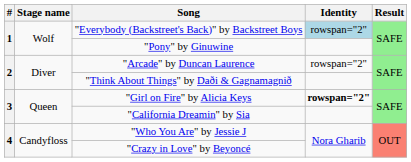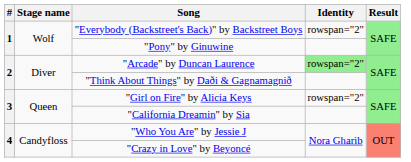 <table class="wikitable plainrowheaders" style="text-align: center;">
 <tr>
 <th>#</th>
 <th>Stage name</th>
 <th>Song</th>
 <th>Identity</th>
 <th>Result</th>
 </tr>
 <tr>
 <th rowspan="2">1</th>
 <td rowspan="2">Wolf</td>
 <td>"<a href='#'>Everybody (Backstreet's Back)</a>" by <a href='#'>Backstreet Boys</a></td>
-<td style="background: lightblue;">rowspan="2" </td>
+<td>rowspan="2" </td>
 <td rowspan="2" bgcolor="lightgreen">SAFE</td>
 </tr>
 <tr>
 <td>"<a href='#'>Pony</a>" by <a href='#'>Ginuwine</a></td>
 </tr>
 <tr>
 <th rowspan="2">2</th>
 <td rowspan="2">Diver</td>
 <td>"<a href='#'>Arcade</a>" by <a href='#'>Duncan Laurence</a></td>
-<td>rowspan="2" </td>
+<td style="background: lightgreen;">rowspan="2" </td>
 <td rowspan="2" bgcolor="lightgreen">SAFE</td>
 </tr>
 <tr>
 <td>"<a href='#'>Think About Things</a>" by <a href='#'>Daði & Gagnamagnið</a></td>
 </tr>
 <tr>
 <th rowspan="2">3</th>
 <td rowspan="2">Queen</td>
 <td>"<a href='#'>Girl on Fire</a>" by <a href='#'>Alicia Keys</a></td>
-<td><strong>rowspan="2" </strong></td>
+<td>rowspan="2" </td>
 <td rowspan="2" bgcolor="lightgreen">SAFE</td>
 </tr>
 <tr>
 <td>"<a href='#'>California Dreamin</a>" by <a href='#'>Sia</a></td>
 </tr>
 <tr>
 <th rowspan="2">4</th>
 <td rowspan="2">Candyfloss</td>
 <td>"<a href='#'>Who You Are</a>" by <a href='#'>Jessie J</a></td>
 <td rowspan="2"><a href='#'>Nora Gharib</a></td>
 <td rowspan="2" bgcolor=salmon>OUT</td>
 </tr>
 <tr>
 <td>"<a href='#'>Crazy in Love</a>" by <a href='#'>Beyoncé</a></td>
 </tr>
 </table>
